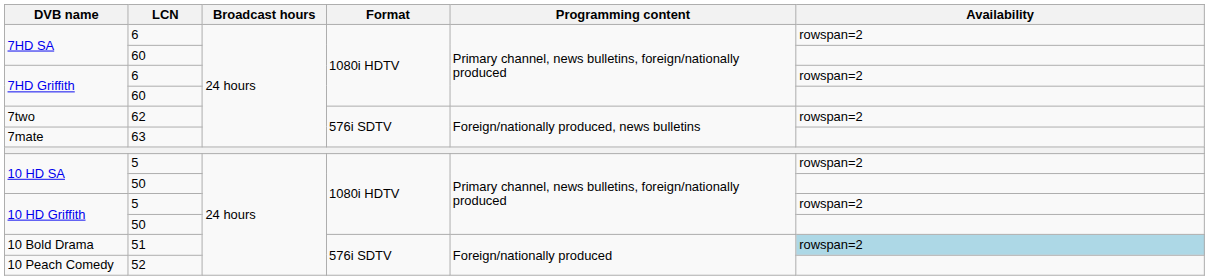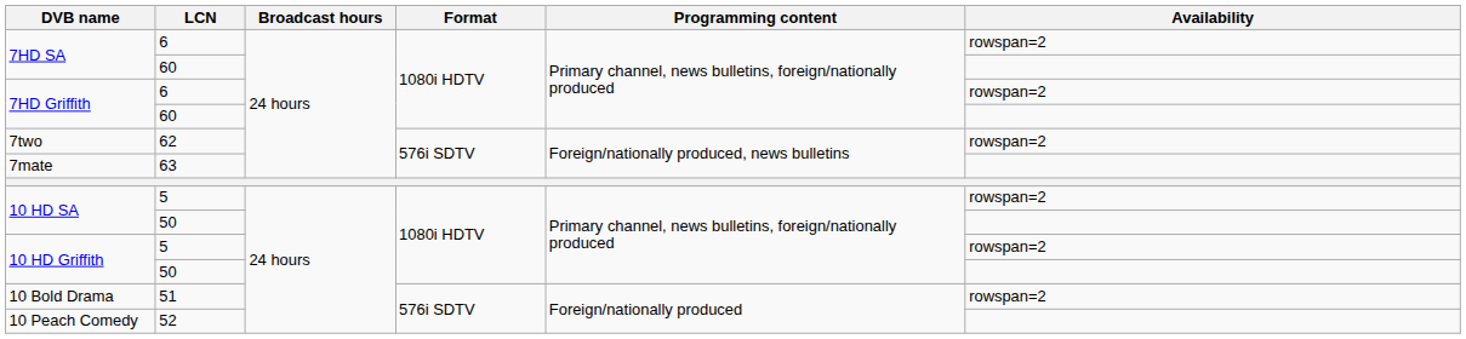 <table class="wikitable" style="font-size:85%; width:100%;">
 <tr>
 <th width="10%">DVB name</th>
 <th width="6%">LCN</th>
 <th width="10%">Broadcast hours</th>
 <th width="10%">Format</th>
 <th width="28%">Programming content</th>
 <th width="33%">Availability</th>
 </tr>
 <tr>
 <td rowspan=2><a href='#'>7HD SA</a></td>
 <td>6</td>
 <td rowspan=6>24 hours</td>
 <td rowspan=4>1080i HDTV<br></td>
 <td rowspan=4>Primary channel, news bulletins, foreign/nationally produced </td>
 <td>rowspan=2 </td>
 </tr>
 <tr>
 <td>60</td>
 </tr>
 <tr>
 <td rowspan=2><a href='#'>7HD Griffith</a></td>
 <td>6</td>
 <td>rowspan=2 </td>
 </tr>
 <tr>
 <td>60</td>
 </tr>
 <tr>
 <td>7two</td>
 <td>62</td>
 <td rowspan=2>576i SDTV<br></td>
 <td rowspan=2>Foreign/nationally produced, news bulletins </td>
 <td>rowspan=2 </td>
 </tr>
 <tr>
 <td>7mate</td>
 <td>63</td>
 </tr>
 <tr>
 <th colspan=6></th>
 </tr>
 <tr>
 <td rowspan=2><a href='#'>10 HD SA</a></td>
 <td>5</td>
 <td rowspan=6>24 hours</td>
 <td rowspan=4>1080i HDTV<br></td>
 <td rowspan=4>Primary channel, news bulletins, foreign/nationally produced </td>
 <td>rowspan=2 </td>
 </tr>
 <tr>
 <td>50</td>
 </tr>
 <tr>
 <td rowspan=2><a href='#'>10 HD Griffith</a></td>
 <td>5</td>
 <td>rowspan=2 </td>
 </tr>
 <tr>
 <td>50</td>
 </tr>
 <tr>
 <td>10 Bold Drama</td>
 <td>51</td>
 <td rowspan=2>576i SDTV<br></td>
 <td rowspan=2>Foreign/nationally produced </td>
-<td style="background: lightblue;">rowspan=2 </td>
+<td>rowspan=2 </td>
 </tr>
 <tr>
 <td>10 Peach Comedy</td>
 <td>52</td>
 </tr>
 </table>
